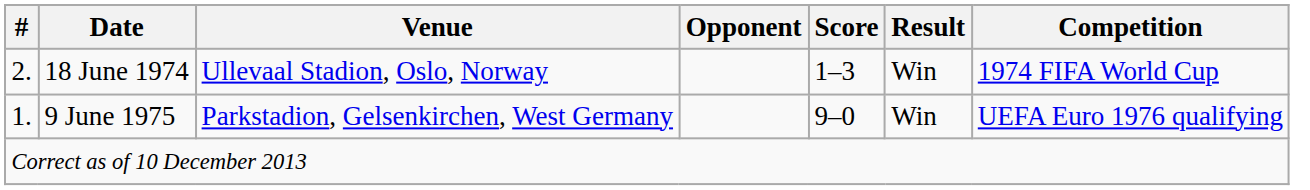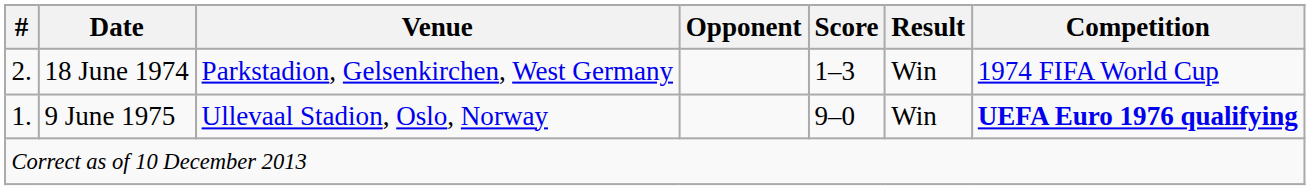 <table class="wikitable" style="font-size:85%;">
 <tr>
 <th>#</th>
 <th>Date</th>
 <th>Venue</th>
 <th>Opponent</th>
 <th>Score</th>
 <th>Result</th>
 <th>Competition</th>
 </tr>
 <tr>
 <td>2.</td>
 <td>18 June 1974</td>
-<td><a href='#'>Ullevaal Stadion</a>, <a href='#'>Oslo</a>, <a href='#'>Norway</a></td>
+<td><a href='#'>Parkstadion</a>, <a href='#'>Gelsenkirchen</a>, <a href='#'>West Germany</a></td>
 <td></td>
 <td>1–3</td>
 <td>Win</td>
 <td><a href='#'>1974 FIFA World Cup</a></td>
 </tr>
 <tr>
 <td>1.</td>
 <td>9 June 1975</td>
-<td><a href='#'>Parkstadion</a>, <a href='#'>Gelsenkirchen</a>, <a href='#'>West Germany</a></td>
+<td><a href='#'>Ullevaal Stadion</a>, <a href='#'>Oslo</a>, <a href='#'>Norway</a></td>
 <td></td>
 <td>9–0</td>
 <td>Win</td>
-<td><a href='#'>UEFA Euro 1976 qualifying</a></td>
+<td><strong><a href='#'>UEFA Euro 1976 qualifying</a></strong></td>
 </tr>
 <tr>
 <td colspan="12"><small><em>Correct as of 10 December 2013</em></small></td>
 </tr>
 </table>
